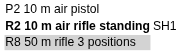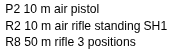 <table>
 <tr>
 <td>P2 10 m air pistol</td>
 <td rowspan=3>SH1</td>
 <td></td>
 <td></td>
 <td></td>
 </tr>
 <tr>
-<td><strong>R2 10 m air rifle standing</strong></td>
+<td>R2 10 m air rifle standing</td>
 <td></td>
 <td></td>
 <td></td>
 </tr>
 <tr>
-<td style="background: lightgrey;">R8 50 m rifle 3 positions</td>
+<td>R8 50 m rifle 3 positions</td>
 <td></td>
 <td></td>
 <td></td>
 </tr>
 </table>
